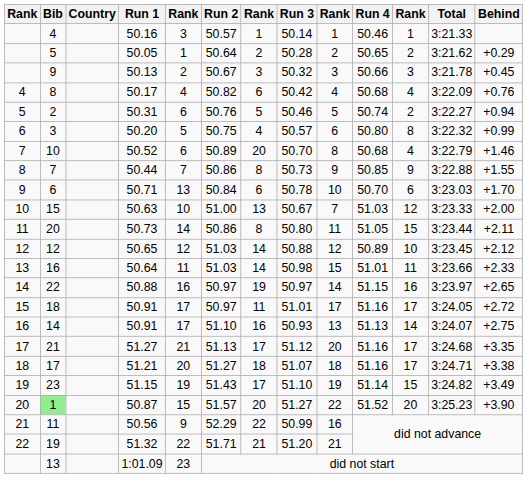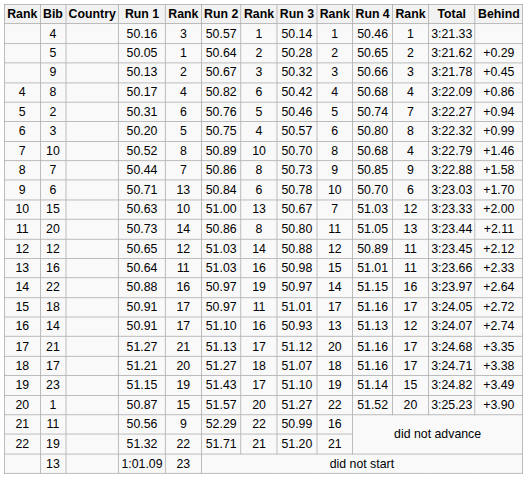 <table class="wikitable sortable" style="text-align:center">
 <tr>
 <th>Rank</th>
 <th>Bib</th>
 <th>Country</th>
 <th>Run 1</th>
 <th>Rank</th>
 <th>Run 2</th>
 <th>Rank</th>
 <th>Run 3</th>
 <th>Rank</th>
 <th>Run 4</th>
 <th>Rank</th>
 <th>Total</th>
 <th>Behind</th>
 </tr>
 <tr>
 <td></td>
 <td>4</td>
 <td align=left></td>
 <td>50.16</td>
 <td>3</td>
 <td>50.57</td>
 <td>1</td>
 <td>50.14</td>
 <td>1</td>
 <td>50.46</td>
 <td>1</td>
 <td>3:21.33</td>
 <td></td>
 </tr>
 <tr>
 <td></td>
 <td>5</td>
 <td align=left></td>
 <td>50.05</td>
 <td>1</td>
 <td>50.64</td>
 <td>2</td>
 <td>50.28</td>
 <td>2</td>
 <td>50.65</td>
 <td>2</td>
 <td>3:21.62</td>
 <td>+0.29</td>
 </tr>
 <tr>
 <td></td>
 <td>9</td>
 <td align=left></td>
 <td>50.13</td>
 <td>2</td>
 <td>50.67</td>
 <td>3</td>
 <td>50.32</td>
 <td>3</td>
 <td>50.66</td>
 <td>3</td>
 <td>3:21.78</td>
 <td>+0.45</td>
 </tr>
 <tr>
 <td>4</td>
 <td>8</td>
 <td align=left></td>
 <td>50.17</td>
 <td>4</td>
 <td>50.82</td>
 <td>6</td>
 <td>50.42</td>
 <td>4</td>
 <td>50.68</td>
 <td>4</td>
 <td>3:22.09</td>
-<td>+0.76</td>
+<td>+0.86</td>
 </tr>
 <tr>
 <td>5</td>
 <td>2</td>
 <td align=left></td>
 <td>50.31</td>
 <td>6</td>
 <td>50.76</td>
 <td>5</td>
 <td>50.46</td>
 <td>5</td>
 <td>50.74</td>
-<td>2</td>
+<td>7</td>
 <td>3:22.27</td>
 <td>+0.94</td>
 </tr>
 <tr>
 <td>6</td>
 <td>3</td>
 <td align=left></td>
 <td>50.20</td>
 <td>5</td>
 <td>50.75</td>
 <td>4</td>
 <td>50.57</td>
 <td>6</td>
 <td>50.80</td>
 <td>8</td>
 <td>3:22.32</td>
 <td>+0.99</td>
 </tr>
 <tr>
 <td>7</td>
 <td>10</td>
 <td align=left></td>
 <td>50.52</td>
-<td>6</td>
+<td>8</td>
 <td>50.89</td>
-<td>20</td>
+<td>10</td>
 <td>50.70</td>
 <td>8</td>
 <td>50.68</td>
 <td>4</td>
 <td>3:22.79</td>
 <td>+1.46</td>
 </tr>
 <tr>
 <td>8</td>
 <td>7</td>
 <td align=left></td>
 <td>50.44</td>
 <td>7</td>
 <td>50.86</td>
 <td>8</td>
 <td>50.73</td>
 <td>9</td>
 <td>50.85</td>
 <td>9</td>
 <td>3:22.88</td>
-<td>+1.55</td>
+<td>+1.58</td>
 </tr>
 <tr>
 <td>9</td>
 <td>6</td>
 <td align=left></td>
 <td>50.71</td>
 <td>13</td>
 <td>50.84</td>
 <td>6</td>
 <td>50.78</td>
 <td>10</td>
 <td>50.70</td>
 <td>6</td>
 <td>3:23.03</td>
 <td>+1.70</td>
 </tr>
 <tr>
 <td>10</td>
 <td>15</td>
 <td align=left></td>
 <td>50.63</td>
 <td>10</td>
 <td>51.00</td>
 <td>13</td>
 <td>50.67</td>
 <td>7</td>
 <td>51.03</td>
 <td>12</td>
 <td>3:23.33</td>
 <td>+2.00</td>
 </tr>
 <tr>
 <td>11</td>
 <td>20</td>
 <td align=left></td>
 <td>50.73</td>
 <td>14</td>
 <td>50.86</td>
 <td>8</td>
 <td>50.80</td>
 <td>11</td>
 <td>51.05</td>
-<td>15</td>
+<td>13</td>
 <td>3:23.44</td>
 <td>+2.11</td>
 </tr>
 <tr>
 <td>12</td>
 <td>12</td>
 <td align=left></td>
 <td>50.65</td>
 <td>12</td>
 <td>51.03</td>
 <td>14</td>
 <td>50.88</td>
 <td>12</td>
 <td>50.89</td>
-<td>10</td>
+<td>11</td>
 <td>3:23.45</td>
 <td>+2.12</td>
 </tr>
 <tr>
 <td>13</td>
 <td>16</td>
 <td align=left></td>
 <td>50.64</td>
 <td>11</td>
 <td>51.03</td>
-<td>14</td>
+<td>16</td>
 <td>50.98</td>
 <td>15</td>
 <td>51.01</td>
 <td>11</td>
 <td>3:23.66</td>
 <td>+2.33</td>
 </tr>
 <tr>
 <td>14</td>
 <td>22</td>
 <td align=left></td>
 <td>50.88</td>
 <td>16</td>
 <td>50.97</td>
 <td>19</td>
 <td>50.97</td>
 <td>14</td>
 <td>51.15</td>
 <td>16</td>
 <td>3:23.97</td>
-<td>+2.65</td>
+<td>+2.64</td>
 </tr>
 <tr>
 <td>15</td>
 <td>18</td>
 <td align=left></td>
 <td>50.91</td>
 <td>17</td>
 <td>50.97</td>
 <td>11</td>
 <td>51.01</td>
 <td>17</td>
 <td>51.16</td>
 <td>17</td>
 <td>3:24.05</td>
 <td>+2.72</td>
 </tr>
 <tr>
 <td>16</td>
 <td>14</td>
 <td align=left></td>
 <td>50.91</td>
 <td>17</td>
 <td>51.10</td>
 <td>16</td>
 <td>50.93</td>
 <td>13</td>
 <td>51.13</td>
-<td>14</td>
+<td>12</td>
 <td>3:24.07</td>
-<td>+2.75</td>
+<td>+2.74</td>
 </tr>
 <tr>
 <td>17</td>
 <td>21</td>
 <td align=left></td>
 <td>51.27</td>
 <td>21</td>
 <td>51.13</td>
 <td>17</td>
 <td>51.12</td>
 <td>20</td>
 <td>51.16</td>
 <td>17</td>
 <td>3:24.68</td>
 <td>+3.35</td>
 </tr>
 <tr>
 <td>18</td>
 <td>17</td>
 <td align=left></td>
 <td>51.21</td>
 <td>20</td>
 <td>51.27</td>
 <td>18</td>
 <td>51.07</td>
 <td>18</td>
 <td>51.16</td>
 <td>17</td>
 <td>3:24.71</td>
 <td>+3.38</td>
 </tr>
 <tr>
 <td>19</td>
 <td>23</td>
 <td align=left></td>
 <td>51.15</td>
 <td>19</td>
 <td>51.43</td>
 <td>17</td>
 <td>51.10</td>
 <td>19</td>
 <td>51.14</td>
 <td>15</td>
 <td>3:24.82</td>
 <td>+3.49</td>
 </tr>
 <tr>
 <td>20</td>
-<td style="background: lightgreen;">1</td>
+<td>1</td>
 <td align=left></td>
 <td>50.87</td>
 <td>15</td>
 <td>51.57</td>
 <td>20</td>
 <td>51.27</td>
 <td>22</td>
 <td>51.52</td>
 <td>20</td>
 <td>3:25.23</td>
 <td>+3.90</td>
 </tr>
 <tr>
 <td>21</td>
 <td>11</td>
 <td align=left></td>
 <td>50.56</td>
 <td>9</td>
 <td>52.29</td>
 <td>22</td>
 <td>50.99</td>
 <td>16</td>
 <td rowspan=2 colspan=4>did not advance</td>
 </tr>
 <tr>
 <td>22</td>
 <td>19</td>
 <td align=left></td>
 <td>51.32</td>
 <td>22</td>
 <td>51.71</td>
 <td>21</td>
 <td>51.20</td>
 <td>21</td>
 </tr>
 <tr>
 <td></td>
 <td>13</td>
 <td align=left></td>
 <td>1:01.09</td>
 <td>23</td>
 <td colspan=8>did not start</td>
 </tr>
 </table>
